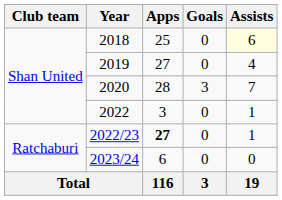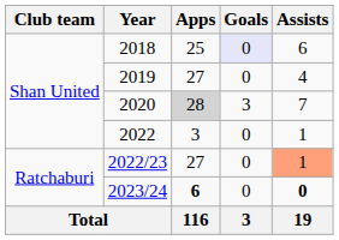 <table class="wikitable" style="text-align: center;">
 <tr>
 <th>Club team</th>
 <th>Year</th>
 <th>Apps</th>
 <th>Goals</th>
 <th>Assists</th>
 </tr>
 <tr>
 <td rowspan="4"><a href='#'>Shan United</a></td>
 <td>2018</td>
 <td>25</td>
-<td>0</td>
-<td style="background: lightyellow;">6</td>
+<td style="background: lavender;">0</td>
+<td>6</td>
 </tr>
 <tr>
 <td>2019</td>
 <td>27</td>
 <td>0</td>
 <td>4</td>
 </tr>
 <tr>
 <td>2020</td>
-<td>28</td>
+<td style="background: lightgrey;">28</td>
 <td>3</td>
 <td>7</td>
 </tr>
 <tr>
 <td>2022</td>
 <td>3</td>
 <td>0</td>
 <td>1</td>
 </tr>
 <tr>
 <td rowspan="2"><a href='#'>Ratchaburi</a></td>
 <td><a href='#'>2022/23</a></td>
-<td><strong>27</strong></td>
+<td>27</td>
 <td>0</td>
-<td>1</td>
+<td style="background: lightsalmon;">1</td>
 </tr>
 <tr>
 <td><a href='#'>2023/24</a></td>
-<td>6</td>
+<td><strong>6</strong></td>
 <td>0</td>
-<td>0</td>
+<td><strong>0</strong></td>
 </tr>
 <tr>
 <th colspan="2">Total</th>
 <th>116</th>
 <th>3</th>
 <th>19</th>
 </tr>
 </table>
